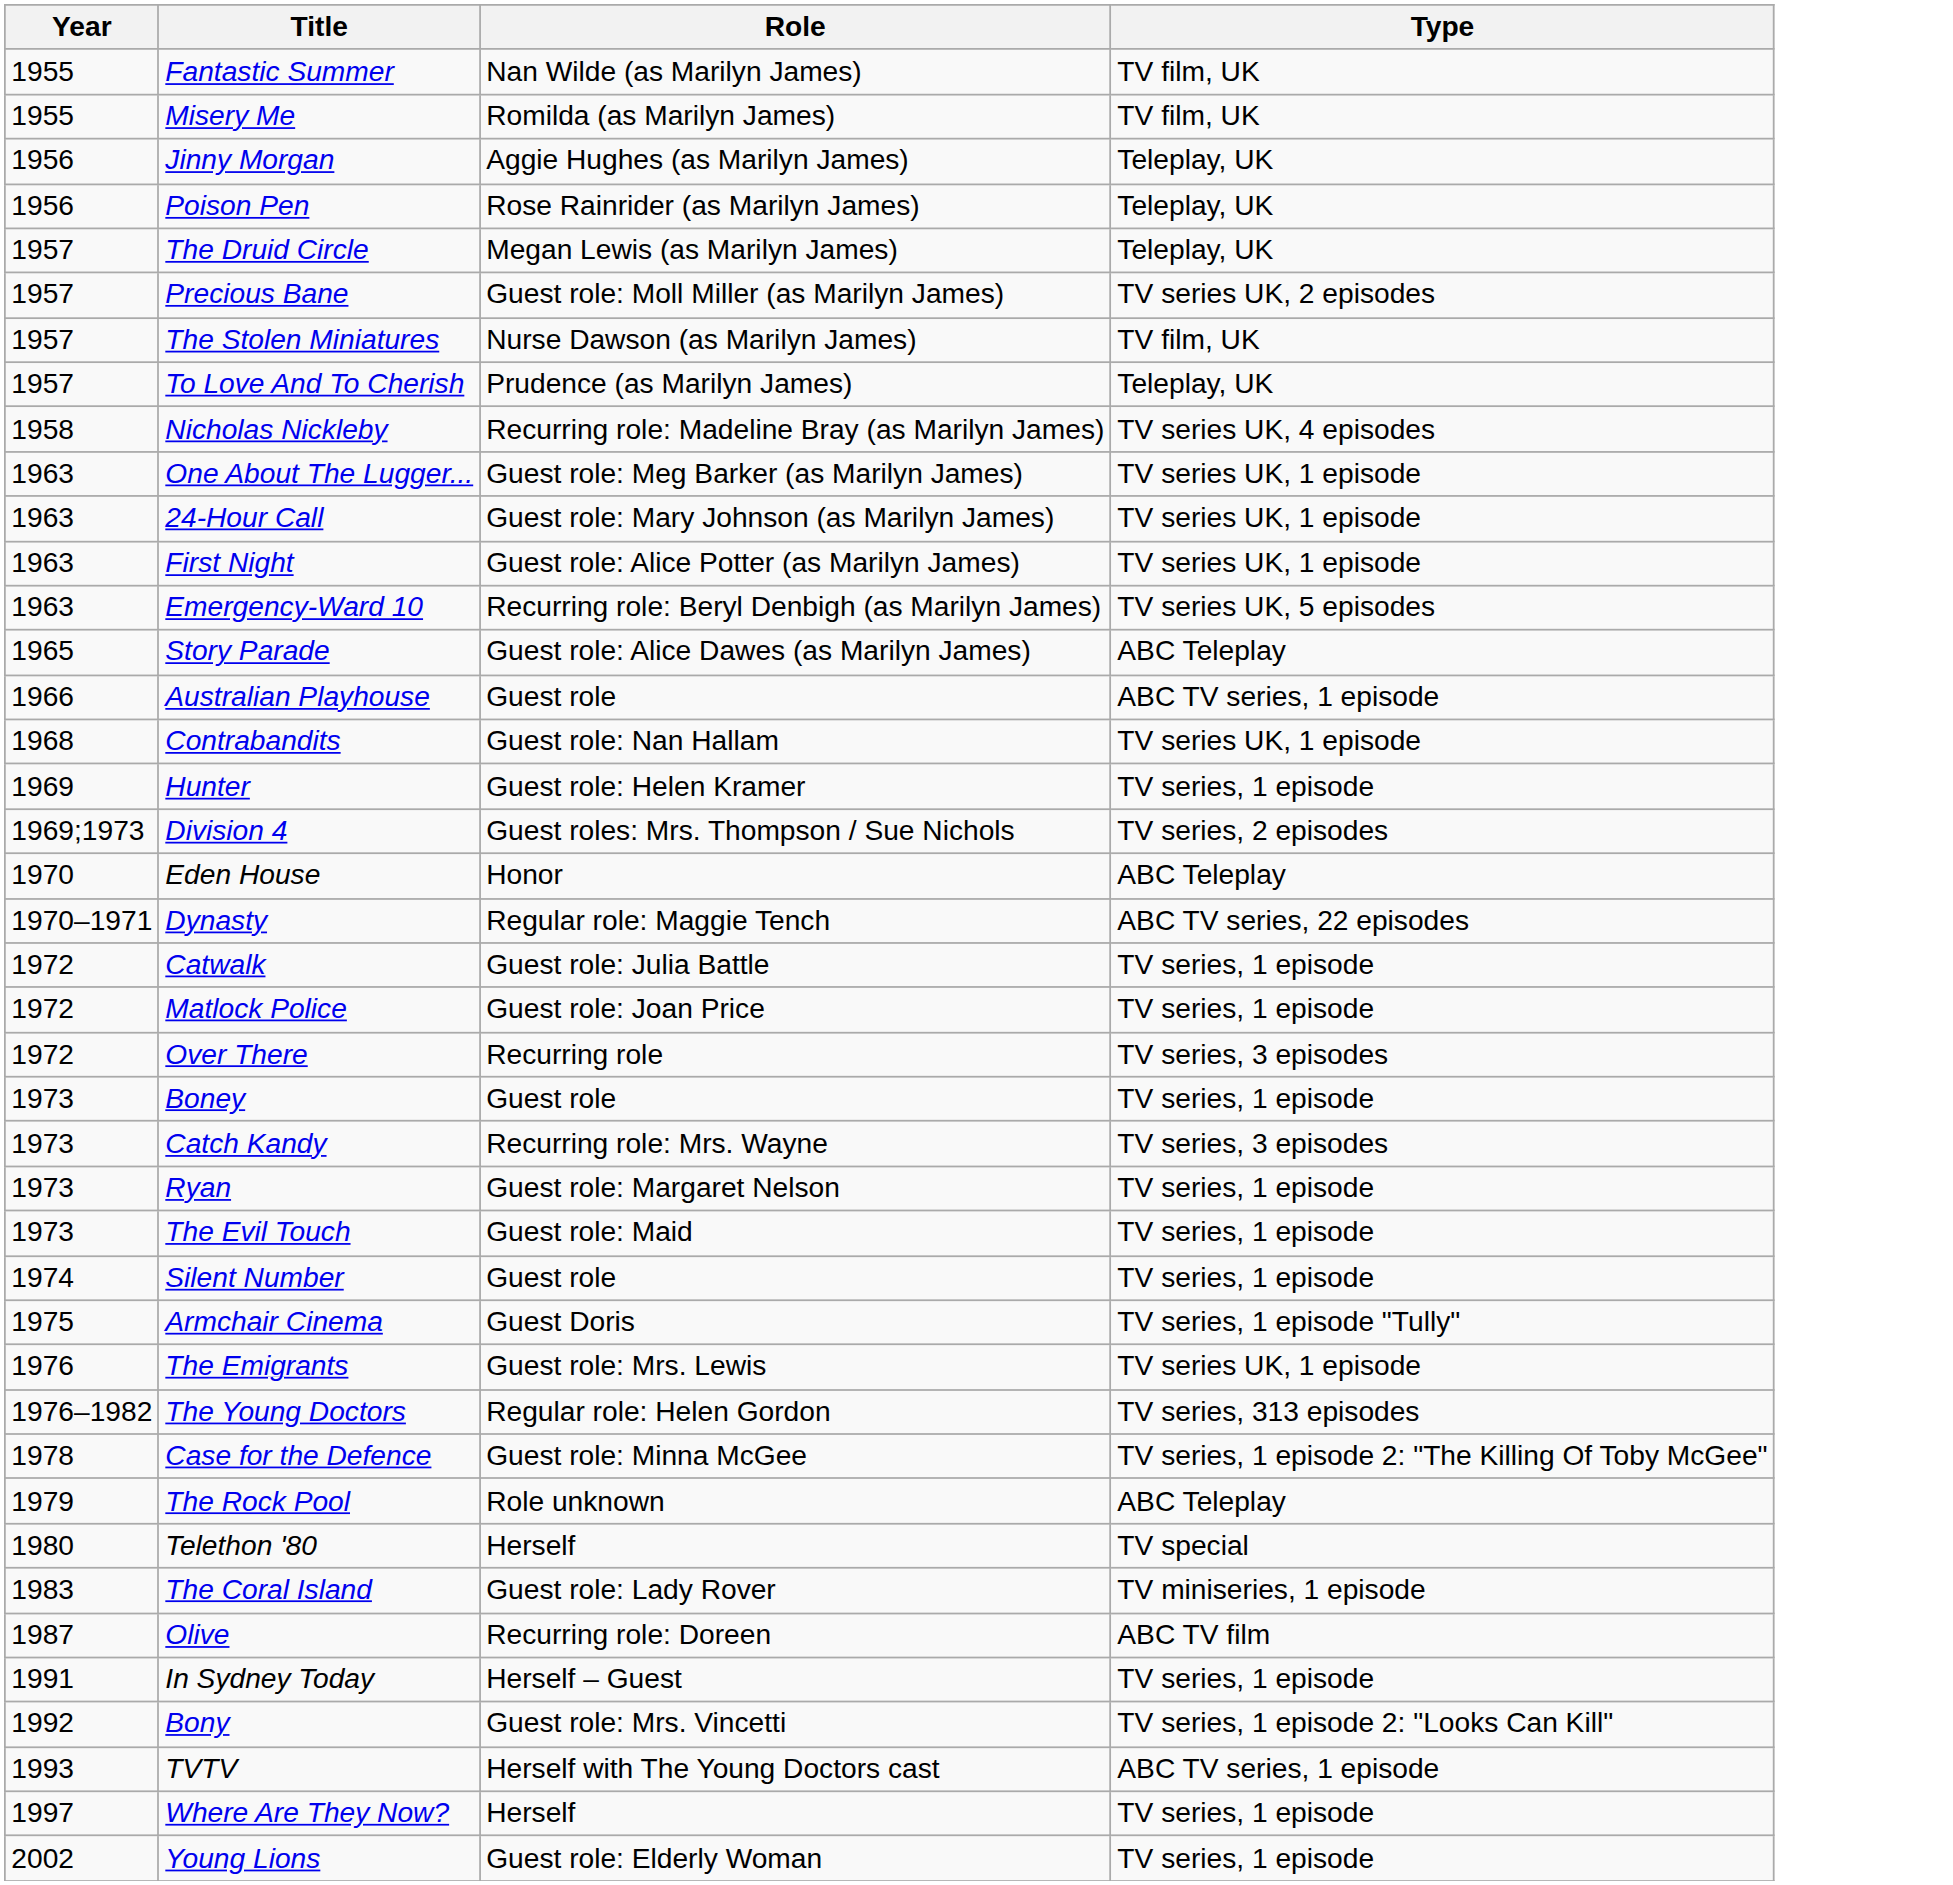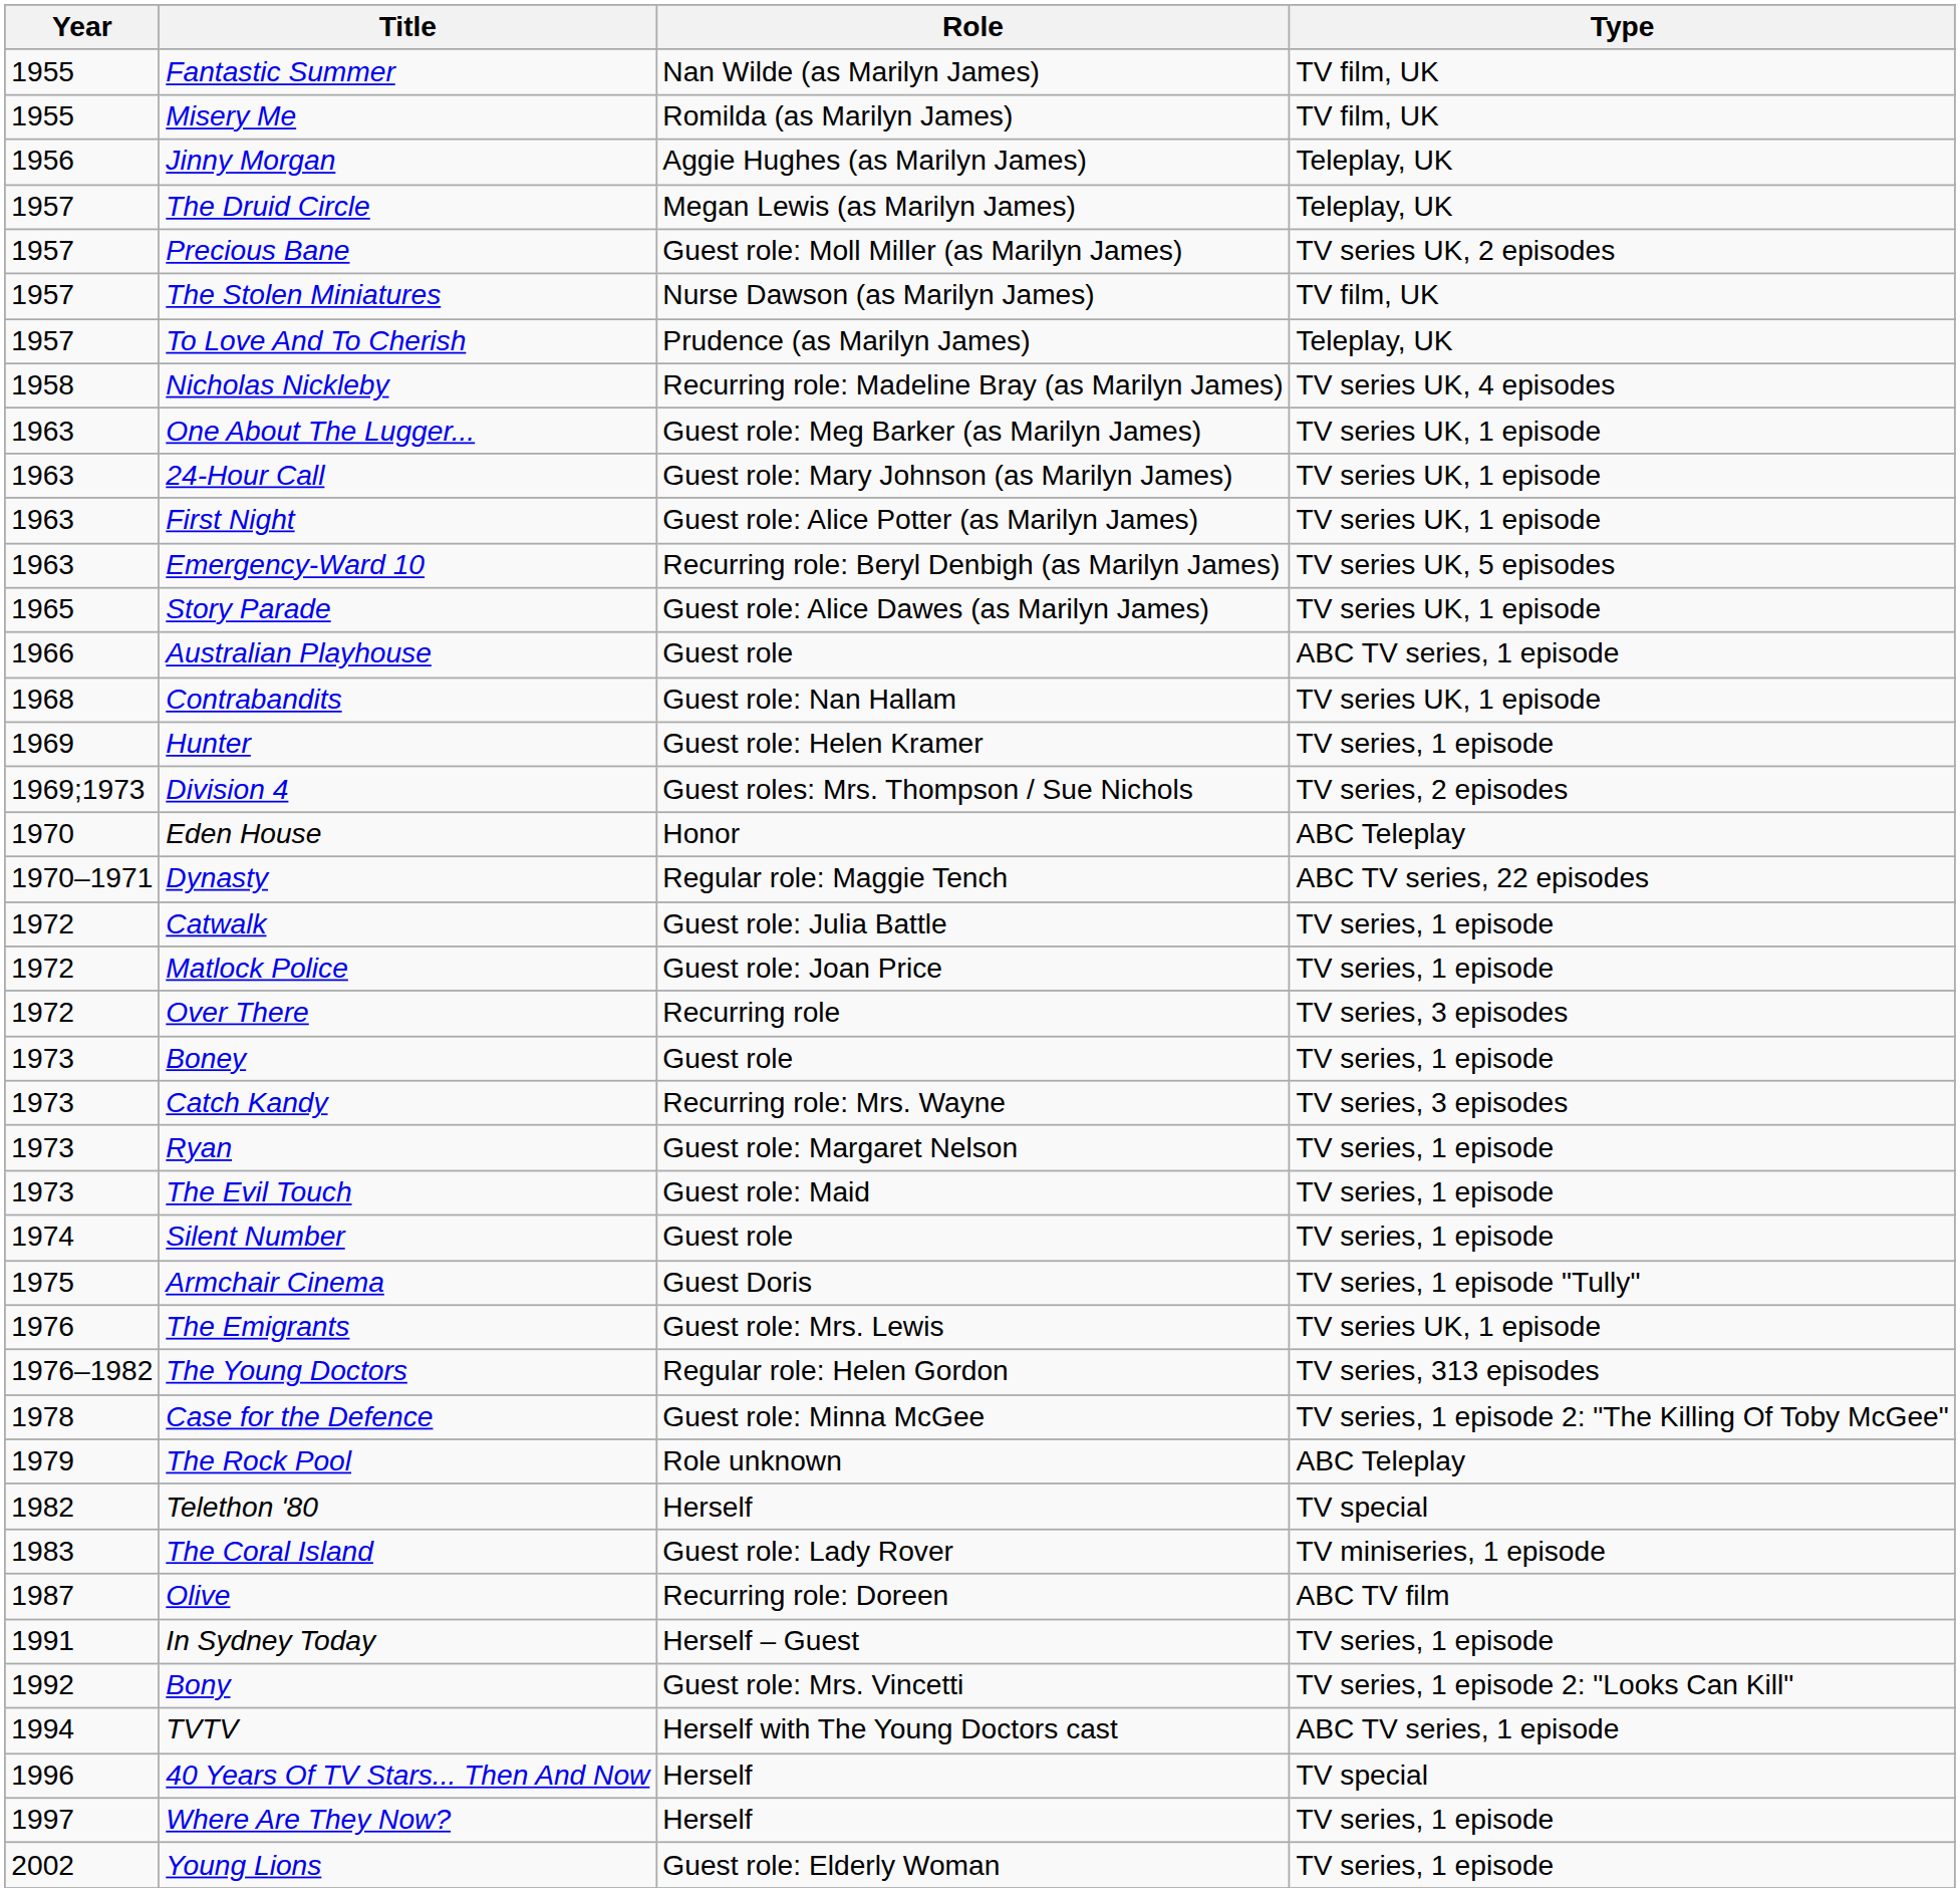 <table class="wikitable">
 <tr>
 <th>Year</th>
 <th>Title</th>
 <th>Role</th>
 <th>Type</th>
 </tr>
 <tr>
 <td>1955</td>
 <td><em><a href='#'>Fantastic Summer</a></em></td>
 <td>Nan Wilde (as Marilyn James)</td>
 <td>TV film, UK</td>
 </tr>
 <tr>
 <td>1955</td>
 <td><em><a href='#'>Misery Me</a></em></td>
 <td>Romilda (as Marilyn James)</td>
 <td>TV film, UK</td>
 </tr>
 <tr>
 <td>1956</td>
 <td><em><a href='#'>Jinny Morgan</a></em></td>
 <td>Aggie Hughes (as Marilyn James)</td>
-<td>Teleplay, UK</td>
-</tr>
-<tr>
-<td>1956</td>
-<td><em><a href='#'>Poison Pen</a></em></td>
-<td>Rose Rainrider (as Marilyn James)</td>
 <td>Teleplay, UK</td>
 </tr>
 <tr>
 <td>1957</td>
 <td><em><a href='#'>The Druid Circle</a></em></td>
 <td>Megan Lewis (as Marilyn James)</td>
 <td>Teleplay, UK</td>
 </tr>
 <tr>
 <td>1957</td>
 <td><em><a href='#'>Precious Bane</a></em></td>
 <td>Guest role: Moll Miller (as Marilyn James)</td>
 <td>TV series UK, 2 episodes</td>
 </tr>
 <tr>
 <td>1957</td>
 <td><em><a href='#'>The Stolen Miniatures</a></em></td>
 <td>Nurse Dawson (as Marilyn James)</td>
 <td>TV film, UK</td>
 </tr>
 <tr>
 <td>1957</td>
 <td><em><a href='#'>To Love And To Cherish</a></em></td>
 <td>Prudence (as Marilyn James)</td>
 <td>Teleplay, UK</td>
 </tr>
 <tr>
 <td>1958</td>
 <td><em><a href='#'>Nicholas Nickleby</a></em></td>
 <td>Recurring role: Madeline Bray (as Marilyn James)</td>
 <td>TV series UK, 4 episodes</td>
 </tr>
 <tr>
 <td>1963</td>
 <td><em><a href='#'>One About The Lugger...</a></em></td>
 <td>Guest role: Meg Barker (as Marilyn James)</td>
 <td>TV series UK, 1 episode</td>
 </tr>
 <tr>
 <td>1963</td>
 <td><em><a href='#'>24-Hour Call</a></em></td>
 <td>Guest role: Mary Johnson (as Marilyn James)</td>
 <td>TV series UK, 1 episode</td>
 </tr>
 <tr>
 <td>1963</td>
 <td><em><a href='#'>First Night</a></em></td>
 <td>Guest role: Alice Potter (as Marilyn James)</td>
 <td>TV series UK, 1 episode</td>
 </tr>
 <tr>
 <td>1963</td>
 <td><em><a href='#'>Emergency-Ward 10</a></em></td>
 <td>Recurring role: Beryl Denbigh (as Marilyn James)</td>
 <td>TV series UK, 5 episodes</td>
 </tr>
 <tr>
 <td>1965</td>
 <td><em><a href='#'>Story Parade</a></em></td>
 <td>Guest role: Alice Dawes (as Marilyn James)</td>
-<td>ABC Teleplay</td>
+<td>TV series UK, 1 episode</td>
 </tr>
 <tr>
 <td>1966</td>
 <td><em><a href='#'>Australian Playhouse</a></em></td>
 <td>Guest role</td>
 <td>ABC TV series, 1 episode</td>
 </tr>
 <tr>
 <td>1968</td>
 <td><em><a href='#'>Contrabandits</a></em></td>
 <td>Guest role: Nan Hallam</td>
 <td>TV series UK, 1 episode</td>
 </tr>
 <tr>
 <td>1969</td>
 <td><em><a href='#'>Hunter</a></em></td>
 <td>Guest role: Helen Kramer</td>
 <td>TV series, 1 episode</td>
 </tr>
 <tr>
 <td>1969;1973</td>
 <td><em><a href='#'>Division 4</a></em></td>
 <td>Guest roles: Mrs. Thompson / Sue Nichols</td>
 <td>TV series, 2 episodes</td>
 </tr>
 <tr>
 <td>1970</td>
 <td><em>Eden House</em></td>
 <td>Honor</td>
 <td>ABC Teleplay</td>
 </tr>
 <tr>
 <td>1970–1971</td>
 <td><em><a href='#'>Dynasty</a></em></td>
 <td>Regular role: Maggie Tench</td>
 <td>ABC TV series, 22 episodes</td>
 </tr>
 <tr>
 <td>1972</td>
 <td><em><a href='#'>Catwalk</a></em></td>
 <td>Guest role: Julia Battle</td>
 <td>TV series, 1 episode</td>
 </tr>
 <tr>
 <td>1972</td>
 <td><em><a href='#'>Matlock Police</a></em></td>
 <td>Guest role: Joan Price</td>
 <td>TV series, 1 episode</td>
 </tr>
 <tr>
 <td>1972</td>
 <td><em><a href='#'>Over There</a></em></td>
 <td>Recurring role</td>
 <td>TV series, 3 episodes</td>
 </tr>
 <tr>
 <td>1973</td>
 <td><em><a href='#'>Boney</a></em></td>
 <td>Guest role</td>
 <td>TV series, 1 episode</td>
 </tr>
 <tr>
 <td>1973</td>
 <td><em><a href='#'>Catch Kandy</a></em></td>
 <td>Recurring role: Mrs. Wayne</td>
 <td>TV series, 3 episodes</td>
 </tr>
 <tr>
 <td>1973</td>
 <td><em><a href='#'>Ryan</a></em></td>
 <td>Guest role: Margaret Nelson</td>
 <td>TV series, 1 episode</td>
 </tr>
 <tr>
 <td>1973</td>
 <td><em><a href='#'>The Evil Touch</a></em></td>
 <td>Guest role: Maid</td>
 <td>TV series, 1 episode</td>
 </tr>
 <tr>
 <td>1974</td>
 <td><em><a href='#'>Silent Number</a></em></td>
 <td>Guest role</td>
 <td>TV series, 1 episode</td>
 </tr>
 <tr>
 <td>1975</td>
 <td><em><a href='#'>Armchair Cinema</a></em></td>
 <td>Guest Doris</td>
 <td>TV series, 1 episode "Tully"</td>
 </tr>
 <tr>
 <td>1976</td>
 <td><em><a href='#'>The Emigrants</a></em></td>
 <td>Guest role: Mrs. Lewis</td>
 <td>TV series UK, 1 episode</td>
 </tr>
 <tr>
 <td>1976–1982</td>
 <td><em><a href='#'>The Young Doctors</a></em></td>
 <td>Regular role: Helen Gordon</td>
 <td>TV series, 313 episodes</td>
 </tr>
 <tr>
 <td>1978</td>
 <td><em><a href='#'>Case for the Defence</a></em></td>
 <td>Guest role: Minna McGee</td>
 <td>TV series, 1 episode 2: "The Killing Of Toby McGee"</td>
 </tr>
 <tr>
 <td>1979</td>
 <td><em><a href='#'>The Rock Pool</a></em></td>
 <td>Role unknown</td>
 <td>ABC Teleplay</td>
 </tr>
 <tr>
-<td>1980</td>
+<td>1982</td>
 <td><em>Telethon '80</em></td>
 <td>Herself</td>
 <td>TV special</td>
 </tr>
 <tr>
 <td>1983</td>
 <td><em><a href='#'>The Coral Island</a></em></td>
 <td>Guest role: Lady Rover</td>
 <td>TV miniseries, 1 episode</td>
 </tr>
 <tr>
 <td>1987</td>
 <td><em><a href='#'>Olive</a></em></td>
 <td>Recurring role: Doreen</td>
 <td>ABC TV film</td>
 </tr>
 <tr>
 <td>1991</td>
 <td><em>In Sydney Today</em></td>
 <td>Herself – Guest</td>
 <td>TV series, 1 episode</td>
 </tr>
 <tr>
 <td>1992</td>
 <td><em><a href='#'>Bony</a></em></td>
 <td>Guest role: Mrs. Vincetti</td>
 <td>TV series, 1 episode 2: "Looks Can Kill"</td>
 </tr>
 <tr>
-<td>1993</td>
+<td>1994</td>
 <td><em>TVTV</em></td>
 <td>Herself with The Young Doctors cast</td>
 <td>ABC TV series, 1 episode</td>
+</tr>
+<tr>
+<td>1996</td>
+<td><em><a href='#'>40 Years Of TV Stars... Then And Now</a></em></td>
+<td>Herself</td>
+<td>TV special</td>
 </tr>
 <tr>
 <td>1997</td>
 <td><em><a href='#'>Where Are They Now?</a></em></td>
 <td>Herself</td>
 <td>TV series, 1 episode</td>
 </tr>
 <tr>
 <td>2002</td>
 <td><em><a href='#'>Young Lions</a></em></td>
 <td>Guest role: Elderly Woman</td>
 <td>TV series, 1 episode</td>
 </tr>
 </table>
